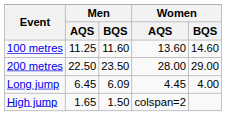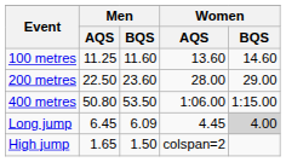 <table class="wikitable" style="text-align:right;">
 <tr>
 </tr>
 <tr>
 <th rowspan=2>Event</th>
 <th colspan=2>Men</th>
 <th colspan=2>Women</th>
 </tr>
 <tr>
 <th>AQS</th>
 <th>BQS</th>
 <th>AQS</th>
 <th>BQS</th>
 </tr>
 <tr>
 <td style="text-align:left;"><a href='#'>100 metres</a></td>
 <td>11.25</td>
 <td>11.60</td>
 <td>13.60</td>
 <td>14.60</td>
 </tr>
 <tr>
 <td style="text-align:left;"><a href='#'>200 metres</a></td>
 <td>22.50</td>
-<td>23.50</td>
+<td>23.60</td>
 <td>28.00</td>
 <td>29.00</td>
+</tr>
+<tr>
+<td style="text-align:left;"><a href='#'>400 metres</a></td>
+<td>50.80</td>
+<td>53.50</td>
+<td>1:06.00</td>
+<td>1:15.00</td>
 </tr>
 <tr>
 <td style="text-align:left;"><a href='#'>Long jump</a></td>
 <td>6.45</td>
 <td>6.09</td>
 <td>4.45</td>
-<td>4.00</td>
+<td style="background: lightgrey;">4.00</td>
 </tr>
 <tr>
 <td style="text-align:left;"><a href='#'>High jump</a></td>
 <td>1.65</td>
 <td>1.50</td>
 <td>colspan=2 </td>
 </tr>
 </table>
